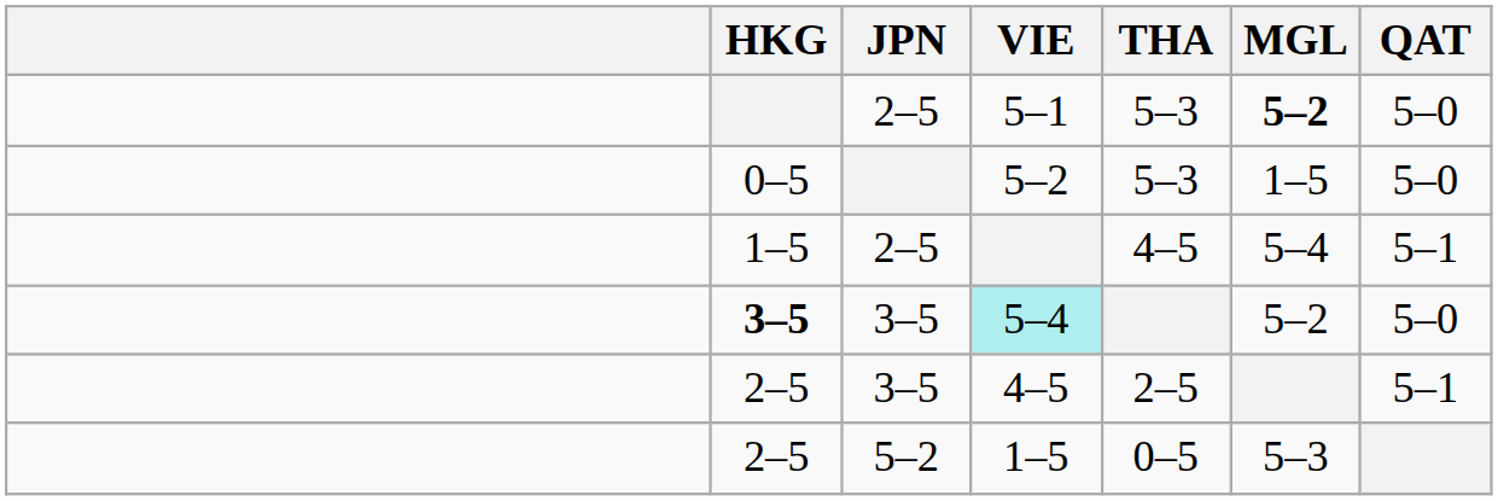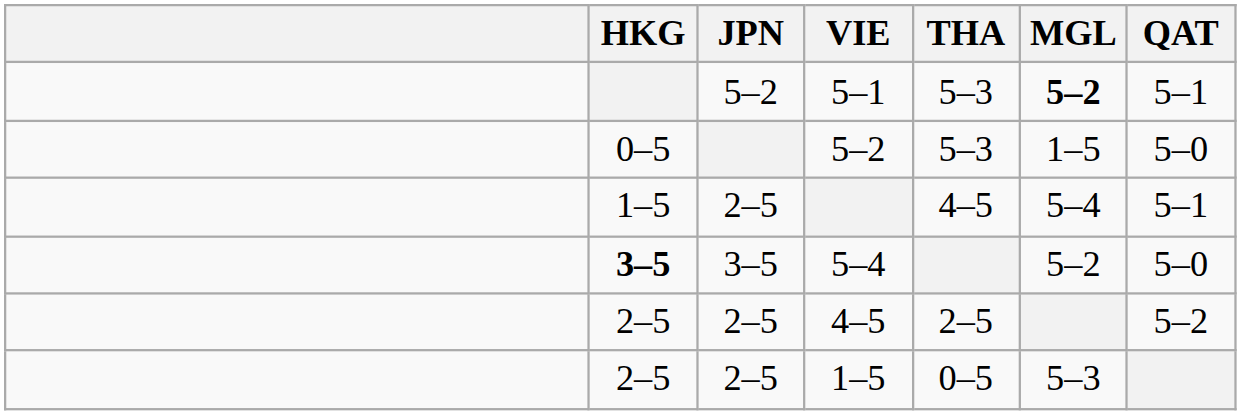 <table class="wikitable" style="text-align:center">
 <tr>
 <th width="250"> </th>
 <th width="40">HKG</th>
 <th width="40">JPN</th>
 <th width="40">VIE</th>
 <th width="40">THA</th>
 <th width="40">MGL</th>
 <th width="40">QAT</th>
 </tr>
 <tr>
 <td align=left></td>
 <th></th>
-<td>2–5</td>
+<td>5–2</td>
 <td>5–1</td>
 <td>5–3</td>
 <td><strong>5–2</strong></td>
-<td>5–0</td>
+<td>5–1</td>
 </tr>
 <tr>
 <td align=left></td>
 <td>0–5</td>
 <th></th>
 <td>5–2</td>
 <td>5–3</td>
 <td>1–5</td>
 <td>5–0</td>
 </tr>
 <tr>
 <td align=left></td>
 <td>1–5</td>
 <td>2–5</td>
 <th></th>
 <td>4–5</td>
 <td>5–4</td>
 <td>5–1</td>
 </tr>
 <tr>
 <td align=left></td>
 <td><strong>3–5</strong></td>
 <td>3–5</td>
-<td style="background: paleturquoise;">5–4</td>
+<td>5–4</td>
 <th></th>
 <td>5–2</td>
 <td>5–0</td>
 </tr>
 <tr>
 <td align=left></td>
 <td>2–5</td>
-<td>3–5</td>
+<td>2–5</td>
 <td>4–5</td>
 <td>2–5</td>
 <th></th>
-<td>5–1</td>
+<td>5–2</td>
 </tr>
 <tr>
 <td align=left></td>
 <td>2–5</td>
-<td>5–2</td>
+<td>2–5</td>
 <td>1–5</td>
 <td>0–5</td>
 <td>5–3</td>
 <th></th>
 </tr>
 </table>
